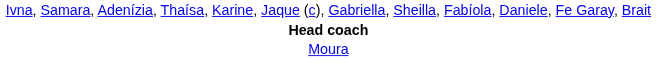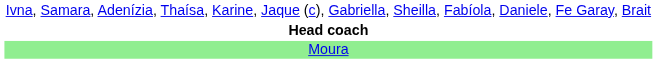 <table style="text-align: center; margin-top: 2em; margin-left: auto; margin-right: auto">
 <tr>
 <td><a href='#'>Ivna</a>, <a href='#'>Samara</a>, <a href='#'>Adenízia</a>, <a href='#'>Thaísa</a>, <a href='#'>Karine</a>, <a href='#'>Jaque</a> (<a href='#'>c</a>), <a href='#'>Gabriella</a>, <a href='#'>Sheilla</a>, <a href='#'>Fabíola</a>, <a href='#'>Daniele</a>, <a href='#'>Fe Garay</a>, <a href='#'>Brait</a></td>
 </tr>
 <tr>
 <td><strong>Head coach</strong></td>
 </tr>
 <tr>
-<td><a href='#'>Moura</a></td>
+<td style="background: lightgreen;"><a href='#'>Moura</a></td>
 </tr>
 </table>
